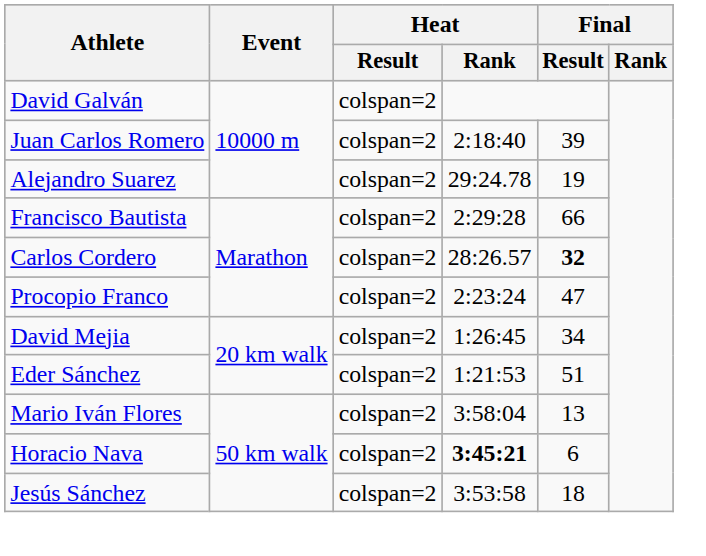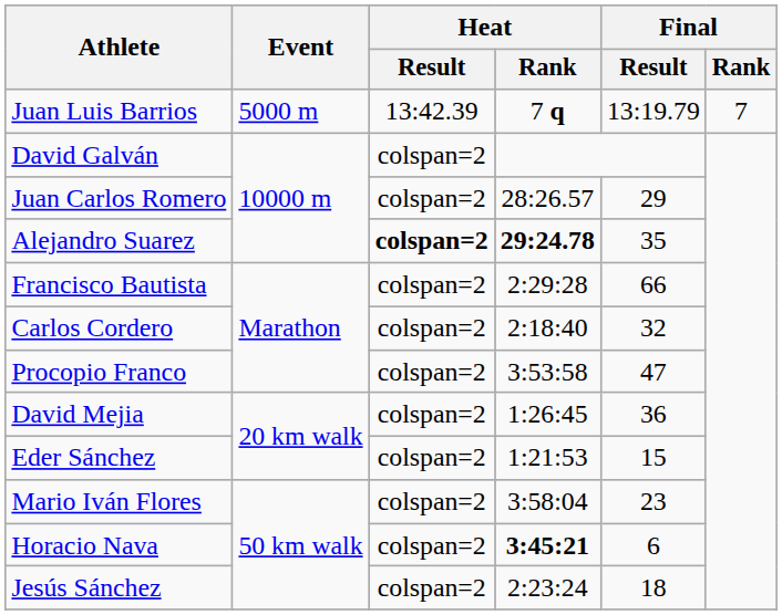 <table class=wikitable style="font-size:90%">
 <tr>
 <th rowspan="2">Athlete</th>
 <th rowspan="2">Event</th>
 <th colspan="2">Heat</th>
 <th colspan="2">Final</th>
 </tr>
 <tr style="font-size:95%">
 <th>Result</th>
 <th>Rank</th>
 <th>Result</th>
 <th>Rank</th>
 </tr>
 <tr align=center>
+<td align=left><a href='#'>Juan Luis Barrios</a></td>
+<td align=left><a href='#'>5000 m</a></td>
+<td>13:42.39</td>
+<td>7 <strong>q</strong></td>
+<td>13:19.79</td>
+<td>7</td>
+</tr>
+<tr align=center>
 <td align=left><a href='#'>David Galván</a></td>
 <td align=left rowspan=3><a href='#'>10000 m</a></td>
 <td>colspan=2 </td>
 <td colspan=2></td>
 </tr>
 <tr align=center>
 <td align=left><a href='#'>Juan Carlos Romero</a></td>
 <td>colspan=2 </td>
-<td>2:18:40</td>
-<td>39</td>
+<td>28:26.57</td>
+<td>29</td>
 </tr>
 <tr align=center>
 <td align=left><a href='#'>Alejandro Suarez</a></td>
-<td>colspan=2 </td>
-<td>29:24.78</td>
-<td>19</td>
+<td><strong>colspan=2 </strong></td>
+<td><strong>29:24.78</strong></td>
+<td>35</td>
 </tr>
 <tr align=center>
 <td align=left><a href='#'>Francisco Bautista</a></td>
 <td align=left rowspan=3><a href='#'>Marathon</a></td>
 <td>colspan=2 </td>
 <td>2:29:28</td>
 <td>66</td>
 </tr>
 <tr align=center>
 <td align=left><a href='#'>Carlos Cordero</a></td>
 <td>colspan=2 </td>
-<td>28:26.57</td>
-<td><strong>32</strong></td>
+<td>2:18:40</td>
+<td>32</td>
 </tr>
 <tr align=center>
 <td align=left><a href='#'>Procopio Franco</a></td>
 <td>colspan=2 </td>
-<td>2:23:24</td>
+<td>3:53:58</td>
 <td>47</td>
 </tr>
 <tr align=center>
 <td align=left><a href='#'>David Mejia</a></td>
 <td align=left rowspan=2><a href='#'>20 km walk</a></td>
 <td>colspan=2 </td>
 <td>1:26:45</td>
-<td>34</td>
+<td>36</td>
 </tr>
 <tr align=center>
 <td align=left><a href='#'>Eder Sánchez</a></td>
 <td>colspan=2 </td>
 <td>1:21:53</td>
-<td>51</td>
+<td>15</td>
 </tr>
 <tr align=center>
 <td align=left><a href='#'>Mario Iván Flores</a></td>
 <td align=left rowspan=3><a href='#'>50 km walk</a></td>
 <td>colspan=2 </td>
 <td>3:58:04</td>
-<td>13</td>
+<td>23</td>
 </tr>
 <tr align=center>
 <td align=left><a href='#'>Horacio Nava</a></td>
 <td>colspan=2 </td>
 <td><strong>3:45:21</strong></td>
 <td>6</td>
 </tr>
 <tr align=center>
 <td align=left><a href='#'>Jesús Sánchez</a></td>
 <td>colspan=2 </td>
-<td>3:53:58</td>
+<td>2:23:24</td>
 <td>18</td>
 </tr>
 </table>
